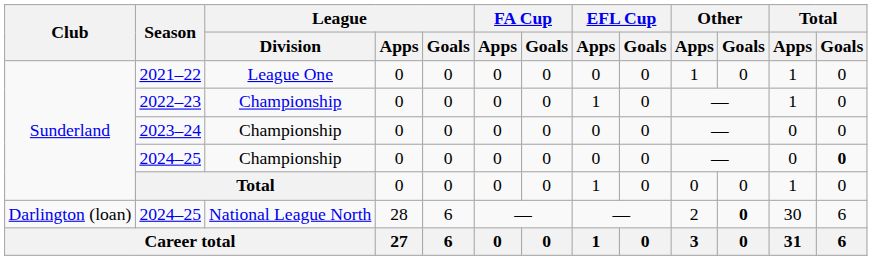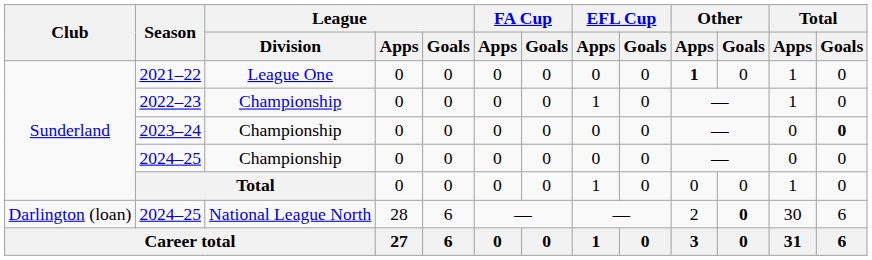 <table class=wikitable style=text-align:center>
 <tr>
 <th rowspan=2>Club</th>
 <th rowspan=2>Season</th>
 <th colspan=3>League</th>
 <th colspan=2><a href='#'>FA Cup</a></th>
 <th colspan=2><a href='#'>EFL Cup</a></th>
 <th colspan=2>Other</th>
 <th colspan=2>Total</th>
 </tr>
 <tr>
 <th>Division</th>
 <th>Apps</th>
 <th>Goals</th>
 <th>Apps</th>
 <th>Goals</th>
 <th>Apps</th>
 <th>Goals</th>
 <th>Apps</th>
 <th>Goals</th>
 <th>Apps</th>
 <th>Goals</th>
 </tr>
 <tr>
 <td rowspan=5><a href='#'>Sunderland</a></td>
 <td><a href='#'>2021–22</a></td>
 <td><a href='#'>League One</a></td>
 <td>0</td>
 <td>0</td>
 <td>0</td>
 <td>0</td>
 <td>0</td>
 <td>0</td>
-<td>1</td>
+<td><strong>1</strong></td>
 <td>0</td>
 <td>1</td>
 <td>0</td>
 </tr>
 <tr>
 <td><a href='#'>2022–23</a></td>
 <td><a href='#'>Championship</a></td>
 <td>0</td>
 <td>0</td>
 <td>0</td>
 <td>0</td>
 <td>1</td>
 <td>0</td>
 <td colspan="2">—</td>
 <td>1</td>
 <td>0</td>
 </tr>
 <tr>
 <td><a href='#'>2023–24</a></td>
 <td>Championship</td>
 <td>0</td>
 <td>0</td>
 <td>0</td>
 <td>0</td>
 <td>0</td>
 <td>0</td>
 <td colspan="2">—</td>
 <td>0</td>
-<td>0</td>
+<td><strong>0</strong></td>
 </tr>
 <tr>
 <td><a href='#'>2024–25</a></td>
 <td>Championship</td>
 <td>0</td>
 <td>0</td>
 <td>0</td>
 <td>0</td>
 <td>0</td>
 <td>0</td>
 <td colspan="2">—</td>
 <td>0</td>
-<td><strong>0</strong></td>
+<td>0</td>
 </tr>
 <tr>
 <th colspan="2">Total</th>
 <td>0</td>
 <td>0</td>
 <td>0</td>
 <td>0</td>
 <td>1</td>
 <td>0</td>
 <td>0</td>
 <td>0</td>
 <td>1</td>
 <td>0</td>
 </tr>
 <tr>
 <td><a href='#'>Darlington</a> (loan)</td>
 <td><a href='#'>2024–25</a></td>
 <td><a href='#'>National League North</a></td>
 <td>28</td>
 <td>6</td>
 <td colspan="2">—</td>
 <td colspan="2">—</td>
 <td>2</td>
 <td><strong>0</strong></td>
 <td>30</td>
 <td>6</td>
 </tr>
 <tr>
 <th colspan=3>Career total</th>
 <th>27</th>
 <th>6</th>
 <th>0</th>
 <th>0</th>
 <th>1</th>
 <th>0</th>
 <th>3</th>
 <th>0</th>
 <th>31</th>
 <th>6</th>
 </tr>
 </table>
